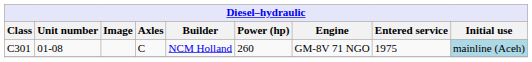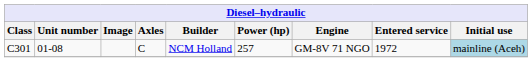 <table class="wikitable">
 <tr>
 <th colspan="9" style="align: centre; background: lavender;"><a href='#'>Diesel–hydraulic</a></th>
 </tr>
 <tr>
 <th>Class</th>
 <th>Unit number</th>
 <th>Image</th>
 <th>Axles</th>
 <th>Builder</th>
 <th>Power (hp)</th>
 <th>Engine</th>
 <th>Entered service</th>
 <th>Initial use</th>
 </tr>
 <tr>
 <td>C301</td>
 <td>01-08</td>
 <td></td>
 <td>C</td>
 <td> <a href='#'>NCM Holland</a></td>
-<td>260</td>
+<td>257</td>
 <td>GM-8V 71 NGO</td>
-<td>1975</td>
+<td>1972</td>
 <td style="background: lightblue;">mainline (Aceh)</td>
 </tr>
 <tr>
 </tr>
 </table>
